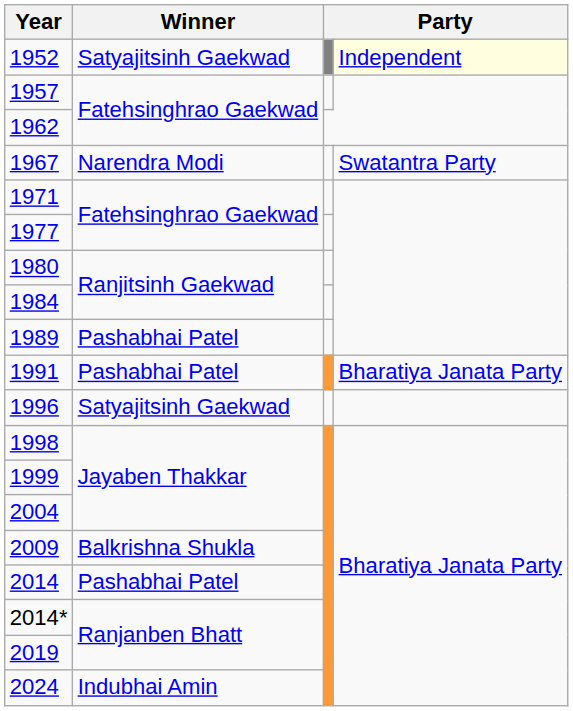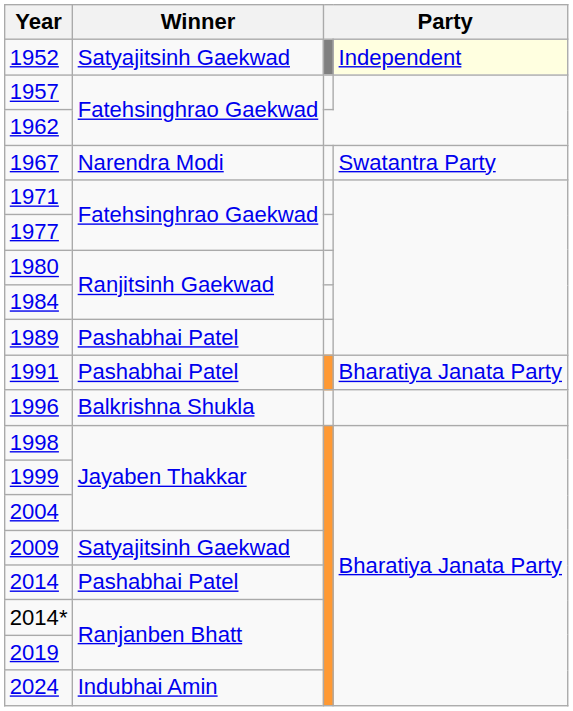 <table class="wikitable sortable">
 <tr>
 <th>Year</th>
 <th>Winner</th>
 <th colspan=2>Party</th>
 </tr>
 <tr>
 <td><a href='#'>1952</a></td>
 <td><a href='#'>Satyajitsinh Gaekwad</a></td>
 <td bgcolor=grey></td>
 <td style="background: lightyellow;"><a href='#'>Independent</a></td>
 </tr>
 <tr>
 <td><a href='#'>1957</a></td>
 <td rowspan="2"><a href='#'>Fatehsinghrao Gaekwad</a></td>
 <td></td>
 </tr>
 <tr>
 <td><a href='#'>1962</a></td>
 </tr>
 <tr>
 <td><a href='#'>1967</a></td>
 <td><a href='#'>Narendra Modi</a></td>
 <td></td>
 <td><a href='#'>Swatantra Party</a></td>
 </tr>
 <tr>
 <td><a href='#'>1971</a></td>
 <td rowspan="2"><a href='#'>Fatehsinghrao Gaekwad</a></td>
 <td></td>
 </tr>
 <tr>
 <td><a href='#'>1977</a></td>
 <td></td>
 </tr>
 <tr>
 <td><a href='#'>1980</a></td>
 <td rowspan="2"><a href='#'>Ranjitsinh Gaekwad</a></td>
 <td></td>
 </tr>
 <tr>
 <td><a href='#'>1984</a></td>
 <td></td>
 </tr>
 <tr>
 <td><a href='#'>1989</a></td>
 <td><a href='#'>Pashabhai Patel</a></td>
 <td></td>
 </tr>
 <tr>
 <td><a href='#'>1991</a></td>
 <td><a href='#'>Pashabhai Patel</a></td>
 <td bgcolor=#FF9933></td>
 <td><a href='#'>Bharatiya Janata Party</a></td>
 </tr>
 <tr>
 <td><a href='#'>1996</a></td>
-<td><a href='#'>Satyajitsinh Gaekwad</a></td>
+<td><a href='#'>Balkrishna Shukla</a></td>
 <td></td>
 </tr>
 <tr>
 <td><a href='#'>1998</a></td>
 <td rowspan="3"><a href='#'>Jayaben Thakkar</a></td>
 <td rowspan="8" style="background-color:#FF9933"></td>
 <td rowspan="8"><a href='#'>Bharatiya Janata Party</a></td>
 </tr>
 <tr>
 <td><a href='#'>1999</a></td>
 </tr>
 <tr>
 <td><a href='#'>2004</a></td>
 </tr>
 <tr>
 <td><a href='#'>2009</a></td>
-<td><a href='#'>Balkrishna Shukla</a></td>
+<td><a href='#'>Satyajitsinh Gaekwad</a></td>
 </tr>
 <tr>
 <td><a href='#'>2014</a></td>
 <td><a href='#'>Pashabhai Patel</a></td>
 </tr>
 <tr>
 <td>2014*</td>
 <td rowspan="2"><a href='#'>Ranjanben Bhatt</a></td>
 </tr>
 <tr>
 <td><a href='#'>2019</a></td>
 </tr>
 <tr>
 <td><a href='#'>2024</a></td>
 <td><a href='#'>Indubhai Amin</a></td>
 </tr>
 </table>
